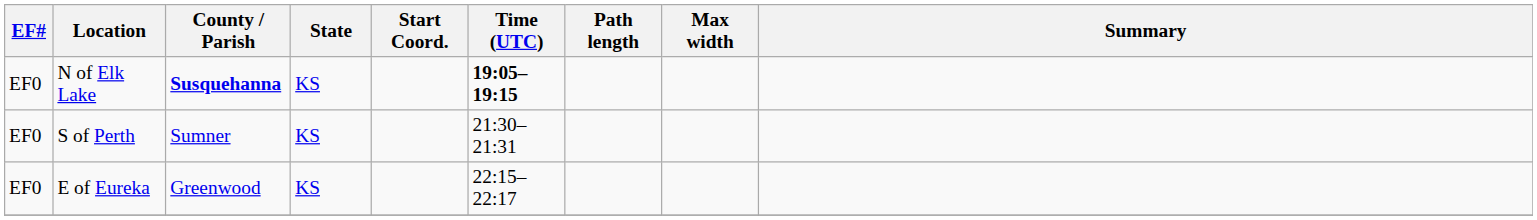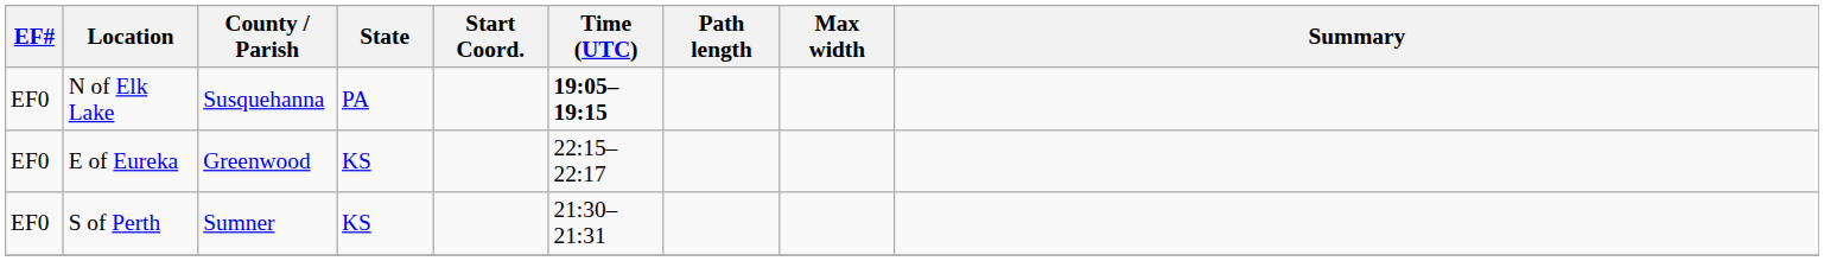 <table class="wikitable sortable" style="width:100%;">
 <tr>
 <th scope="col"  style="width:3%; text-align:center;"><a href='#'>EF#</a></th>
 <th scope="col"  style="width:7%; text-align:center;" class="unsortable">Location</th>
 <th scope="col"  style="width:6%; text-align:center;" class="unsortable">County / Parish</th>
 <th scope="col"  style="width:5%; text-align:center;">State</th>
 <th scope="col"  style="width:6%; text-align:center;">Start Coord.</th>
 <th scope="col"  style="width:6%; text-align:center;">Time (<a href='#'>UTC</a>)</th>
 <th scope="col"  style="width:6%; text-align:center;">Path length</th>
 <th scope="col"  style="width:6%; text-align:center;">Max width</th>
 <th scope="col" class="unsortable" style="width:48%; text-align:center;">Summary</th>
 </tr>
 <tr>
 <td>EF0</td>
 <td>N of <a href='#'>Elk Lake</a></td>
-<td><strong><a href='#'>Susquehanna</a></strong></td>
+<td><a href='#'>Susquehanna</a></td>
+<td><a href='#'>PA</a></td>
+<td></td>
+<td><strong>19:05–19:15</strong></td>
+<td></td>
+<td></td>
+<td></td>
+</tr>
+<tr>
+<td>EF0</td>
+<td>E of <a href='#'>Eureka</a></td>
+<td><a href='#'>Greenwood</a></td>
 <td><a href='#'>KS</a></td>
 <td></td>
-<td><strong>19:05–19:15</strong></td>
+<td>22:15–22:17</td>
 <td></td>
 <td></td>
 <td></td>
 </tr>
 <tr>
 <td>EF0</td>
 <td>S of <a href='#'>Perth</a></td>
 <td><a href='#'>Sumner</a></td>
 <td><a href='#'>KS</a></td>
 <td></td>
 <td>21:30–21:31</td>
 <td></td>
 <td></td>
 <td></td>
 </tr>
 <tr>
-<td>EF0</td>
-<td>E of <a href='#'>Eureka</a></td>
-<td><a href='#'>Greenwood</a></td>
-<td><a href='#'>KS</a></td>
-<td></td>
-<td>22:15–22:17</td>
-<td></td>
-<td></td>
-<td></td>
-</tr>
-<tr>
 </tr>
 </table>
